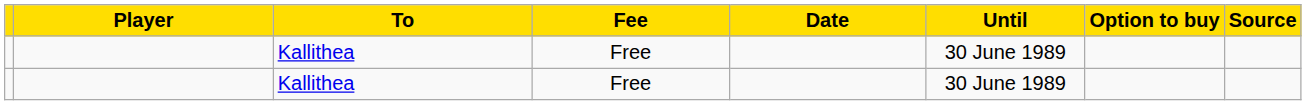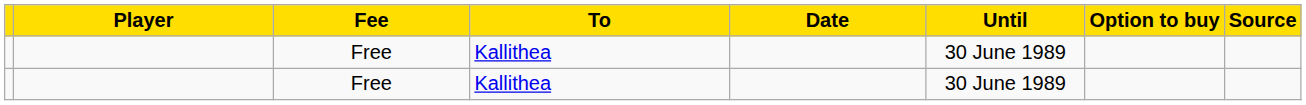 <table class="wikitable sortable">
 <tr>
 <th style="background:#FFDE00"></th>
 <th width=200 style="background:#FFDE00">Player</th>
+<th width=150 style="background:#FFDE00">Fee</th>
 <th width=200 style="background:#FFDE00">To</th>
-<th width=150 style="background:#FFDE00">Fee</th>
 <th width=150 style="background:#FFDE00">Date</th>
 <th width=120 style="background:#FFDE00">Until</th>
 <th style="background:#FFDE00">Option to buy</th>
 <th style="background:#FFDE00">Source</th>
 </tr>
 <tr>
 <td align=center></td>
 <td></td>
+<td align=center>Free</td>
 <td> <a href='#'>Kallithea</a></td>
-<td align=center>Free</td>
 <td align=center></td>
 <td align=center>30 June 1989</td>
 <td align=center></td>
 <td align=center></td>
 </tr>
 <tr>
 <td align=center></td>
 <td></td>
+<td align=center>Free</td>
 <td> <a href='#'>Kallithea</a></td>
-<td align=center>Free</td>
 <td align=center></td>
 <td align=center>30 June 1989</td>
 <td align=center></td>
 <td align=center></td>
 </tr>
 </table>
